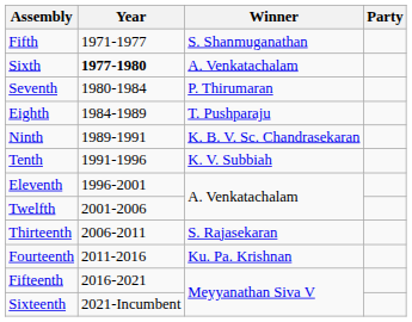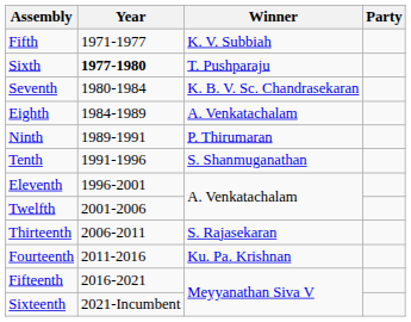 <table class="wikitable sortable">
 <tr>
 <th>Assembly</th>
 <th>Year</th>
 <th>Winner</th>
 <th colspan="2">Party</th>
 </tr>
 <tr>
 <td><a href='#'>Fifth</a></td>
 <td>1971-1977</td>
-<td><a href='#'>S. Shanmuganathan</a></td>
+<td><a href='#'>K. V. Subbiah</a></td>
 <td></td>
 </tr>
 <tr>
 <td><a href='#'>Sixth</a></td>
 <td><strong>1977-1980</strong></td>
-<td><a href='#'>A. Venkatachalam</a></td>
+<td><a href='#'>T. Pushparaju</a></td>
 <td></td>
 </tr>
 <tr>
 <td><a href='#'>Seventh</a></td>
 <td>1980-1984</td>
-<td><a href='#'>P. Thirumaran</a></td>
+<td><a href='#'>K. B. V. Sc. Chandrasekaran</a></td>
 <td></td>
 </tr>
 <tr>
 <td><a href='#'>Eighth</a></td>
 <td>1984-1989</td>
-<td><a href='#'>T. Pushparaju</a></td>
+<td><a href='#'>A. Venkatachalam</a></td>
 </tr>
 <tr>
 <td><a href='#'>Ninth</a></td>
 <td>1989-1991</td>
-<td><a href='#'>K. B. V. Sc. Chandrasekaran</a></td>
+<td><a href='#'>P. Thirumaran</a></td>
 <td></td>
 </tr>
 <tr>
 <td><a href='#'>Tenth</a></td>
 <td>1991-1996</td>
-<td><a href='#'>K. V. Subbiah</a></td>
+<td><a href='#'>S. Shanmuganathan</a></td>
 <td></td>
 </tr>
 <tr>
 <td><a href='#'>Eleventh</a></td>
 <td>1996-2001</td>
 <td rowspan=2>A. Venkatachalam</td>
 <td></td>
 </tr>
 <tr>
 <td><a href='#'>Twelfth</a></td>
 <td>2001-2006</td>
 <td></td>
 </tr>
 <tr>
 <td><a href='#'>Thirteenth</a></td>
 <td>2006-2011</td>
 <td><a href='#'>S. Rajasekaran</a></td>
 <td></td>
 </tr>
 <tr>
 <td><a href='#'>Fourteenth</a></td>
 <td>2011-2016</td>
 <td><a href='#'>Ku. Pa. Krishnan</a></td>
 <td></td>
 </tr>
 <tr>
 <td><a href='#'>Fifteenth</a></td>
 <td>2016-2021</td>
 <td rowspan=2><a href='#'>Meyyanathan Siva V</a></td>
 <td></td>
 </tr>
 <tr>
 <td><a href='#'>Sixteenth</a></td>
 <td>2021-Incumbent</td>
 </tr>
 </table>
